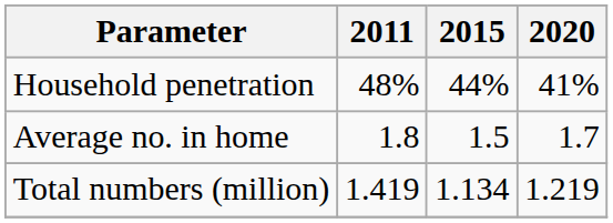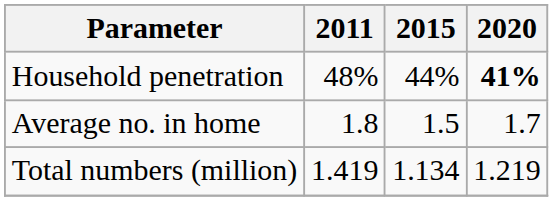 <table class="wikitable">
 <tr>
 <th>Parameter</th>
 <th>2011</th>
 <th>2015</th>
 <th>2020</th>
 </tr>
 <tr>
 <td>Household penetration</td>
 <td align="right">48%</td>
 <td align="right">44%</td>
-<td align="right">41%</td>
+<td align="right"><strong>41%</strong></td>
 </tr>
 <tr>
 <td>Average no. in home</td>
 <td align="right">1.8</td>
 <td align="right">1.5</td>
 <td align="right">1.7</td>
 </tr>
 <tr>
 <td>Total numbers (million)</td>
 <td align="right">1.419</td>
 <td align="right">1.134</td>
 <td align="right">1.219</td>
 </tr>
 <tr>
 </tr>
 </table>
